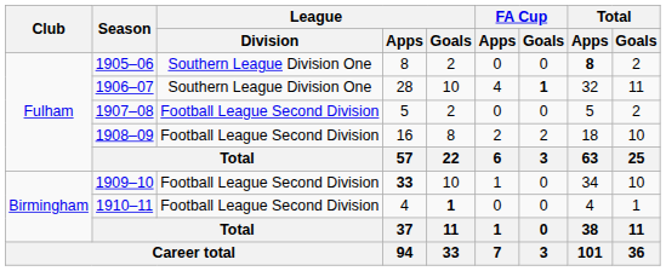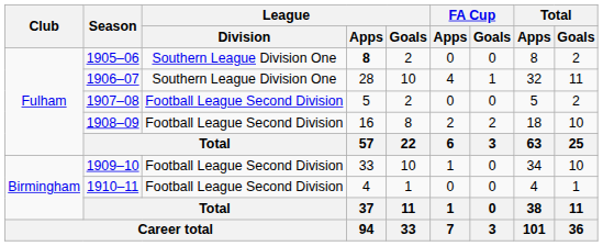 <table class=wikitable style=text-align:center>
 <tr>
 <th rowspan="2">Club</th>
 <th rowspan="2">Season</th>
 <th colspan="3">League</th>
 <th colspan="2"><a href='#'>FA Cup</a></th>
 <th colspan="2">Total</th>
 </tr>
 <tr>
 <th>Division</th>
 <th>Apps</th>
 <th>Goals</th>
 <th>Apps</th>
 <th>Goals</th>
 <th>Apps</th>
 <th>Goals</th>
 </tr>
 <tr>
 <td rowspan="5"><a href='#'>Fulham</a></td>
 <td><a href='#'>1905–06</a></td>
 <td><a href='#'>Southern League</a> Division One</td>
-<td>8</td>
+<td><strong>8</strong></td>
 <td>2</td>
 <td>0</td>
 <td>0</td>
-<td><strong>8</strong></td>
+<td>8</td>
 <td>2</td>
 </tr>
 <tr>
 <td><a href='#'>1906–07</a></td>
 <td>Southern League Division One</td>
 <td>28</td>
 <td>10</td>
 <td>4</td>
-<td><strong>1</strong></td>
+<td>1</td>
 <td>32</td>
 <td>11</td>
 </tr>
 <tr>
 <td><a href='#'>1907–08</a></td>
 <td><a href='#'>Football League Second Division</a></td>
 <td>5</td>
 <td>2</td>
 <td>0</td>
 <td>0</td>
 <td>5</td>
 <td>2</td>
 </tr>
 <tr>
 <td><a href='#'>1908–09</a></td>
 <td>Football League Second Division</td>
 <td>16</td>
 <td>8</td>
 <td>2</td>
 <td>2</td>
 <td>18</td>
 <td>10</td>
 </tr>
 <tr>
 <th colspan="2">Total</th>
 <th>57</th>
 <th>22</th>
 <th>6</th>
 <th>3</th>
 <th>63</th>
 <th>25</th>
 </tr>
 <tr>
 <td rowspan="3"><a href='#'>Birmingham</a></td>
 <td><a href='#'>1909–10</a></td>
 <td>Football League Second Division</td>
-<td><strong>33</strong></td>
+<td>33</td>
 <td>10</td>
 <td>1</td>
 <td>0</td>
 <td>34</td>
 <td>10</td>
 </tr>
 <tr>
 <td><a href='#'>1910–11</a></td>
 <td>Football League Second Division</td>
 <td>4</td>
-<td><strong>1</strong></td>
+<td>1</td>
 <td>0</td>
 <td>0</td>
 <td>4</td>
 <td>1</td>
 </tr>
 <tr>
 <th colspan="2">Total</th>
 <th>37</th>
 <th>11</th>
 <th>1</th>
 <th>0</th>
 <th>38</th>
 <th>11</th>
 </tr>
 <tr>
 <th colspan="3">Career total</th>
 <th>94</th>
 <th>33</th>
 <th>7</th>
 <th>3</th>
 <th>101</th>
 <th>36</th>
 </tr>
 </table>
